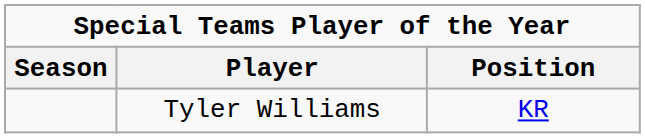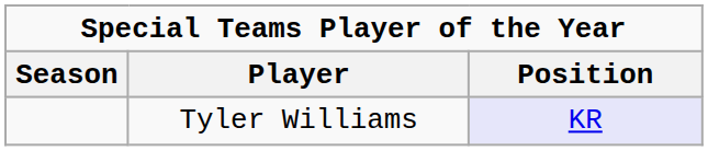 <table class="wikitable sortable" style="text-align:center">
 <tr>
 <td colspan="4"><strong>Special Teams Player of the Year</strong></td>
 </tr>
 <tr>
 <th style="width:50px; ">Season</th>
 <th style="width:150px; ">Player</th>
 <th style="width:100px; ">Position</th>
 </tr>
 <tr>
 <td></td>
 <td>Tyler Williams</td>
-<td><a href='#'>KR</a></td>
+<td style="background: lavender;"><a href='#'>KR</a></td>
 </tr>
 </table>
